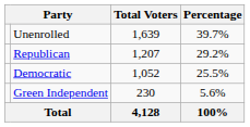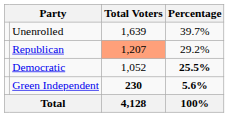 <table class=wikitable>
 <tr>
 <th colspan = 2>Party</th>
 <th>Total Voters</th>
 <th>Percentage</th>
 </tr>
 <tr>
 <td></td>
 <td>Unenrolled</td>
 <td align = center>1,639</td>
 <td align = center>39.7%</td>
 </tr>
 <tr>
 <td></td>
 <td><a href='#'>Republican</a></td>
-<td align = center>1,207</td>
+<td align = center style="background: lightsalmon;">1,207</td>
 <td align = center>29.2%</td>
 </tr>
 <tr>
 <td></td>
 <td><a href='#'>Democratic</a></td>
 <td align = center>1,052</td>
-<td align = center>25.5%</td>
+<td align = center><strong>25.5%</strong></td>
 </tr>
 <tr>
 <td></td>
 <td><a href='#'>Green Independent</a></td>
-<td align = center>230</td>
-<td align = center>5.6%</td>
+<td align = center><strong>230</strong></td>
+<td align = center><strong>5.6%</strong></td>
 </tr>
 <tr>
 <th colspan = 2>Total</th>
 <th align = center>4,128</th>
 <th align = center>100%</th>
 </tr>
 </table>
